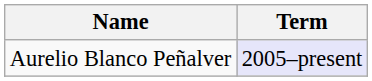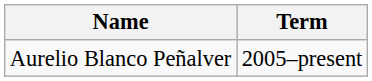 <table class="wikitable">
 <tr>
 <th>Name</th>
 <th>Term</th>
 </tr>
 <tr>
 <td>Aurelio Blanco Peñalver</td>
-<td style="background: lavender;">2005–present</td>
+<td>2005–present</td>
 </tr>
 </table>
